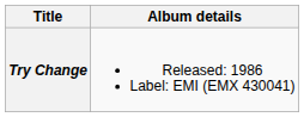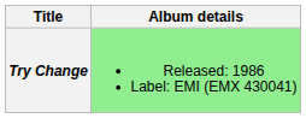 <table class="wikitable plainrowheaders" style="text-align:center;" border="1">
 <tr>
 <th scope="col">Title</th>
 <th scope="col">Album details</th>
 </tr>
 <tr>
 <th scope="row"><em>Try Change</em></th>
-<td><br><ul><li>Released: 1986</li><li>Label: EMI (EMX 430041)</li></ul></td>
+<td style="background: lightgreen;"><br><ul><li>Released: 1986</li><li>Label: EMI (EMX 430041)</li></ul></td>
 </tr>
 </table>
